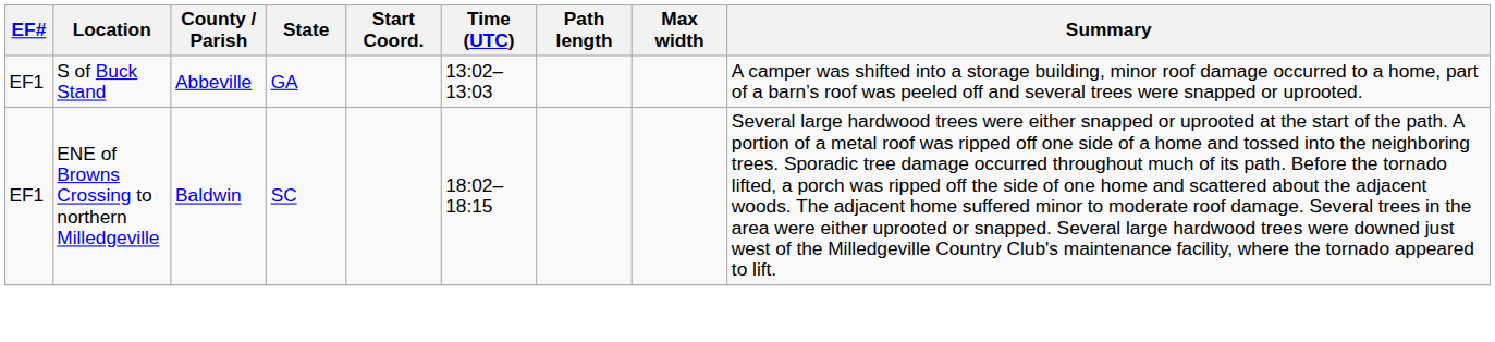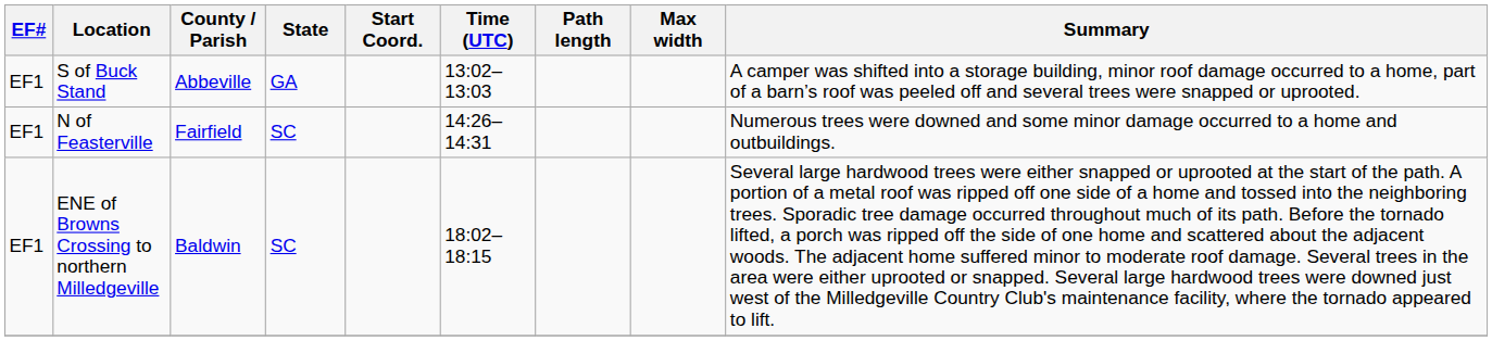 <table class="wikitable sortable" style="width:100%;">
 <tr>
 <th scope="col"  style="width:3%; text-align:center;"><a href='#'>EF#</a></th>
 <th scope="col"  style="width:7%; text-align:center;" class="unsortable">Location</th>
 <th scope="col"  style="width:6%; text-align:center;" class="unsortable">County / Parish</th>
 <th scope="col"  style="width:5%; text-align:center;">State</th>
 <th scope="col"  style="width:6%; text-align:center;">Start Coord.</th>
 <th scope="col"  style="width:6%; text-align:center;">Time (<a href='#'>UTC</a>)</th>
 <th scope="col"  style="width:6%; text-align:center;">Path length</th>
 <th scope="col"  style="width:6%; text-align:center;">Max width</th>
 <th scope="col" class="unsortable" style="width:48%; text-align:center;">Summary</th>
 </tr>
 <tr>
 <td>EF1</td>
 <td>S of <a href='#'>Buck Stand</a></td>
 <td><a href='#'>Abbeville</a></td>
 <td><a href='#'>GA</a></td>
 <td></td>
 <td>13:02–13:03</td>
 <td></td>
 <td></td>
 <td>A camper was shifted  into a storage building, minor roof damage occurred to a home, part of a barn’s roof was peeled off and several trees were snapped or uprooted.</td>
 </tr>
 <tr>
 <td>EF1</td>
+<td>N of <a href='#'>Feasterville</a></td>
+<td><a href='#'>Fairfield</a></td>
+<td><a href='#'>SC</a></td>
+<td></td>
+<td>14:26–14:31</td>
+<td></td>
+<td></td>
+<td>Numerous trees were downed and some minor damage occurred to a home and outbuildings.</td>
+</tr>
+<tr>
+<td>EF1</td>
 <td>ENE of <a href='#'>Browns Crossing</a> to northern <a href='#'>Milledgeville</a></td>
 <td><a href='#'>Baldwin</a></td>
 <td><a href='#'>SC</a></td>
 <td></td>
 <td>18:02–18:15</td>
 <td></td>
 <td></td>
 <td>Several large hardwood trees were either snapped or uprooted at the start of the path. A portion of a metal roof was ripped off one side of a home and tossed into the neighboring trees. Sporadic tree damage occurred throughout much of its path. Before the tornado lifted, a porch was ripped off the side of one home and scattered about the adjacent woods. The adjacent home suffered minor to moderate roof damage. Several trees in the area were either uprooted or snapped. Several large hardwood trees were downed just west of the Milledgeville Country Club's maintenance facility, where the tornado appeared to lift.</td>
 </tr>
 <tr>
 </tr>
 </table>
